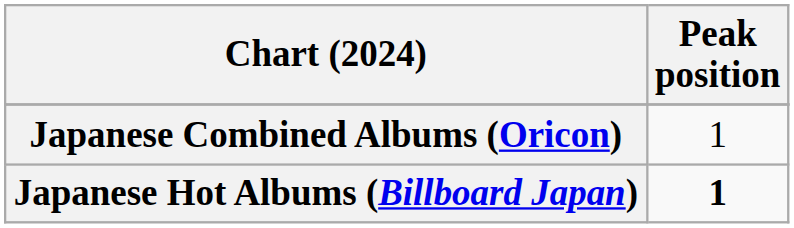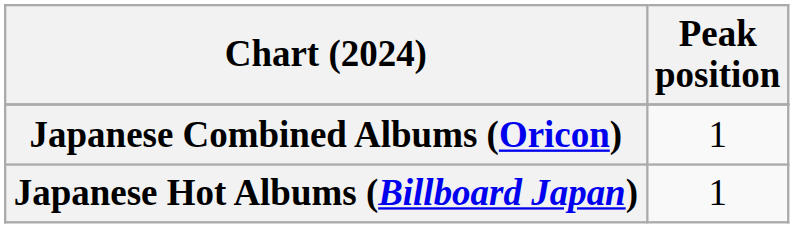 <table class="wikitable sortable plainrowheaders" style="text-align:center">
 <tr>
 <th scope="col">Chart (2024)</th>
 <th scope="col">Peak<br>position</th>
 </tr>
 <tr>
 </tr>
 <tr>
 <th scope="row">Japanese Combined Albums (<a href='#'>Oricon</a>)</th>
 <td>1</td>
 </tr>
 <tr>
 <th scope="row">Japanese Hot Albums (<em><a href='#'>Billboard Japan</a></em>)</th>
-<td><strong>1</strong></td>
+<td>1</td>
 </tr>
 </table>
